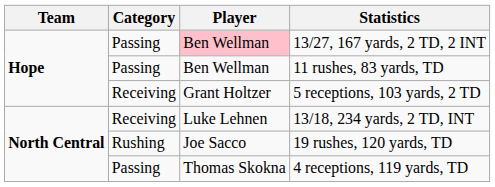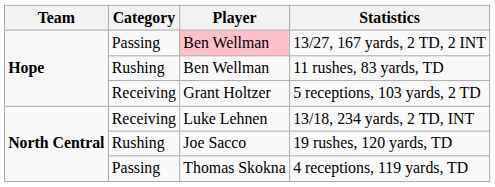 <table class="wikitable" style="float: left;">
 <tr>
 <th>Team</th>
 <th>Category</th>
 <th>Player</th>
 <th>Statistics</th>
 </tr>
 <tr>
 <td rowspan=3><strong>Hope</strong></td>
 <td>Passing</td>
 <td style="background: pink;">Ben Wellman</td>
 <td>13/27, 167 yards, 2 TD, 2 INT</td>
 </tr>
 <tr>
-<td>Passing</td>
+<td>Rushing</td>
 <td>Ben Wellman</td>
 <td>11 rushes, 83 yards, TD</td>
 </tr>
 <tr>
 <td>Receiving</td>
 <td>Grant Holtzer</td>
 <td>5 receptions, 103 yards, 2 TD</td>
 </tr>
 <tr>
 <td rowspan=3><strong>North Central</strong></td>
 <td>Receiving</td>
 <td>Luke Lehnen</td>
 <td>13/18, 234 yards, 2 TD, INT</td>
 </tr>
 <tr>
 <td>Rushing</td>
 <td>Joe Sacco</td>
 <td>19 rushes, 120 yards, TD</td>
 </tr>
 <tr>
 <td>Passing</td>
 <td>Thomas Skokna</td>
 <td>4 receptions, 119 yards, TD</td>
 </tr>
 </table>
